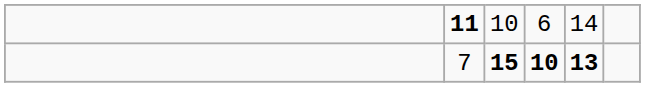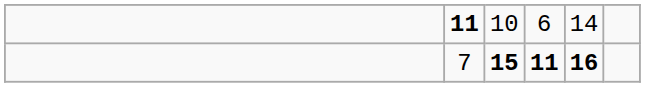 <table class="wikitable">
 <tr>
 <td style="width:18em"></td>
 <td align=center style="width:1em"><strong>11</strong></td>
 <td align=center style="width:1em">10</td>
 <td align=center style="width:1em">6</td>
 <td align=center style="width:1em">14</td>
 <td align=center style="width:1em"></td>
 </tr>
 <tr>
 <td style="width:18em"><strong></strong></td>
 <td align=center style="width:1em">7</td>
 <td align=center style="width:1em"><strong>15</strong></td>
-<td align=center style="width:1em"><strong>10</strong></td>
-<td align=center style="width:1em"><strong>13</strong></td>
+<td align=center style="width:1em"><strong>11</strong></td>
+<td align=center style="width:1em"><strong>16</strong></td>
 <td align=center style="width:1em"></td>
 </tr>
 </table>
